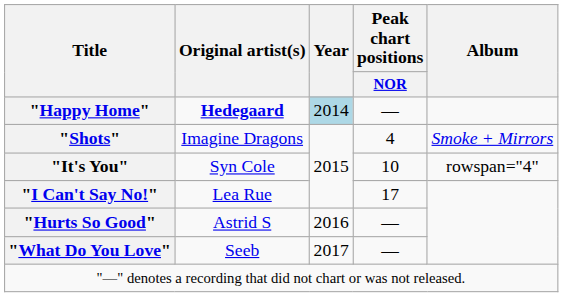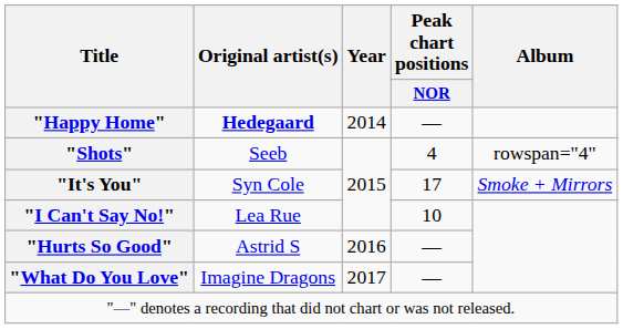 <table class="wikitable plainrowheaders" style="text-align:center;" border="1">
 <tr>
 <th scope="col" rowspan="2">Title</th>
 <th scope="col" rowspan="2">Original artist(s)</th>
 <th scope="col" rowspan="2">Year</th>
 <th scope="col" colspan="1">Peak chart positions</th>
 <th scope="col" rowspan="2">Album</th>
 </tr>
 <tr>
 <th scope="col" style="width:3em;font-size:85%;"><a href='#'>NOR</a><br></th>
 </tr>
 <tr>
 <th scope="row">"<a href='#'>Happy Home</a>"</th>
 <td><strong><a href='#'>Hedegaard</a></strong></td>
-<td style="background: lightblue;">2014</td>
+<td>2014</td>
 <td>—</td>
 <td></td>
 </tr>
 <tr>
 <th scope="row">"<a href='#'>Shots</a>"</th>
-<td><a href='#'>Imagine Dragons</a></td>
+<td><a href='#'>Seeb</a> <br></td>
 <td rowspan="3">2015</td>
 <td>4</td>
-<td><em><a href='#'>Smoke + Mirrors</a></em></td>
+<td>rowspan="4" </td>
 </tr>
 <tr>
 <th scope="row">"It's You"</th>
 <td><a href='#'>Syn Cole</a></td>
-<td>10</td>
-<td>rowspan="4" </td>
+<td>17</td>
+<td><em><a href='#'>Smoke + Mirrors</a></em></td>
 </tr>
 <tr>
 <th scope="row">"<a href='#'>I Can't Say No!</a>"</th>
 <td><a href='#'>Lea Rue</a></td>
-<td>17</td>
+<td>10</td>
 </tr>
 <tr>
 <th scope="row">"<a href='#'>Hurts So Good</a>"</th>
 <td><a href='#'>Astrid S</a></td>
 <td>2016</td>
 <td>—</td>
 </tr>
 <tr>
 <th scope="row">"<a href='#'>What Do You Love</a>"</th>
-<td><a href='#'>Seeb</a> <br></td>
+<td><a href='#'>Imagine Dragons</a></td>
 <td>2017</td>
 <td>—</td>
 </tr>
 <tr>
 <td colspan="5"><small>"—" denotes a recording that did not chart or was not released.</small></td>
 </tr>
 </table>
